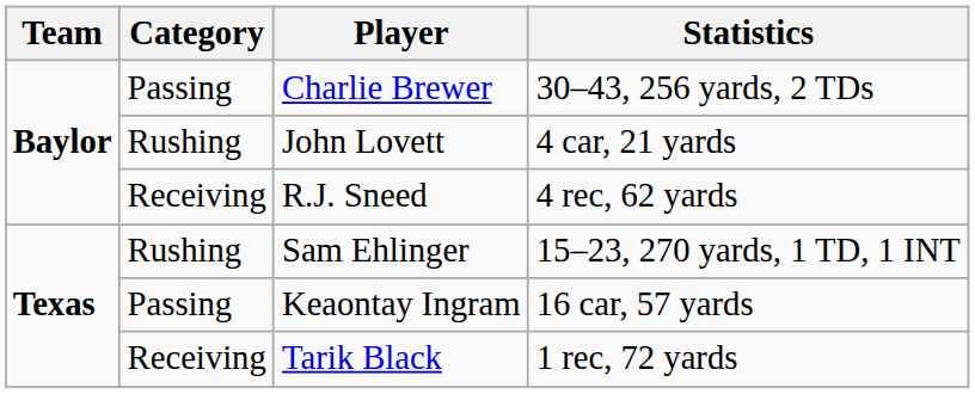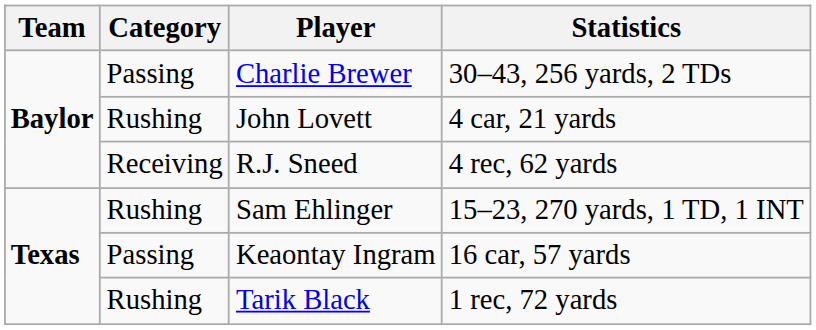 <table class="wikitable" style="float: right;">
 <tr>
 <th>Team</th>
 <th>Category</th>
 <th>Player</th>
 <th>Statistics</th>
 </tr>
 <tr>
 <td rowspan=3><strong>Baylor</strong></td>
 <td>Passing</td>
 <td><a href='#'>Charlie Brewer</a></td>
 <td>30–43, 256 yards, 2 TDs</td>
 </tr>
 <tr>
 <td>Rushing</td>
 <td>John Lovett</td>
 <td>4 car, 21 yards</td>
 </tr>
 <tr>
 <td>Receiving</td>
 <td>R.J. Sneed</td>
 <td>4 rec, 62 yards</td>
 </tr>
 <tr>
 <td rowspan=3><strong>Texas</strong></td>
 <td>Rushing</td>
 <td>Sam Ehlinger</td>
 <td>15–23, 270 yards, 1 TD, 1 INT</td>
 </tr>
 <tr>
 <td>Passing</td>
 <td>Keaontay Ingram</td>
 <td>16 car, 57 yards</td>
 </tr>
 <tr>
-<td>Receiving</td>
+<td>Rushing</td>
 <td><a href='#'>Tarik Black</a></td>
 <td>1 rec, 72 yards</td>
 </tr>
 </table>
